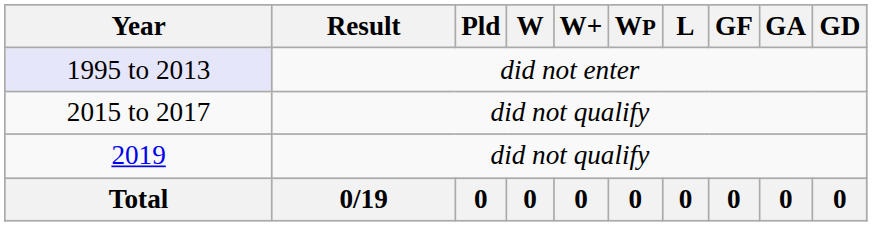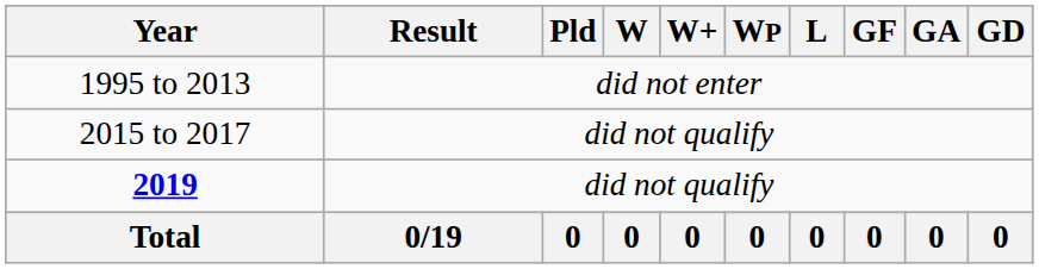 <table class="wikitable" style="text-align: center;">
 <tr>
 <th width=150>Year</th>
 <th width=100>Result</th>
 <th width=20>Pld</th>
 <th width=20>W</th>
 <th width=20>W+</th>
 <th width=20>W<small>P</small></th>
 <th width=20>L</th>
 <th width=20>GF</th>
 <th width=20>GA</th>
 <th width=25>GD</th>
 </tr>
 <tr>
-<td style="background: lavender;">1995 to 2013</td>
+<td>1995 to 2013</td>
 <td colspan=9><em>did not enter</em></td>
 </tr>
 <tr>
 <td>2015 to 2017</td>
 <td colspan=9><em>did not qualify</em></td>
 </tr>
 <tr>
-<td><a href='#'>2019</a></td>
+<td><strong><a href='#'>2019</a></strong></td>
 <td colspan=9><em>did not qualify</em></td>
 </tr>
 <tr>
 <th><strong>Total</strong></th>
 <th><strong>0/19</strong></th>
 <th><strong>0</strong></th>
 <th><strong>0</strong></th>
 <th><strong>0</strong></th>
 <th><strong>0</strong></th>
 <th><strong>0</strong></th>
 <th><strong>0</strong></th>
 <th><strong>0</strong></th>
 <th><strong>0</strong></th>
 </tr>
 </table>
